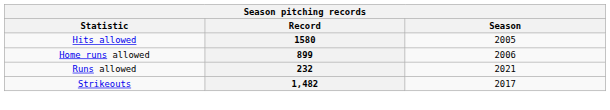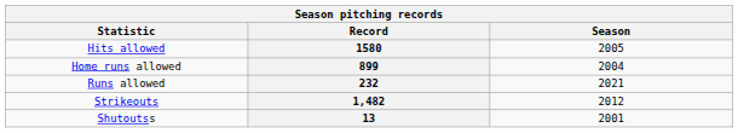 <table class="wikitable" style="text-align:center" width="70%">
 <tr>
 <th colspan=3>Season pitching records</th>
 </tr>
 <tr>
 <th scope="col" width=20%>Statistic</th>
 <th scope="col" class="unsortable" width=20%>Record</th>
 <th scope="col" width=20%>Season</th>
 </tr>
 <tr>
 <td><a href='#'>Hits allowed</a></td>
 <th scope="row">1580</th>
 <td>2005</td>
 </tr>
 <tr>
 <td><a href='#'>Home runs</a> allowed</td>
 <th scope="row">899</th>
-<td>2006</td>
+<td>2004</td>
 </tr>
 <tr>
 <td><a href='#'>Runs</a> allowed</td>
 <th scope="row">232</th>
 <td>2021</td>
 </tr>
 <tr>
 <td><a href='#'>Strikeouts</a></td>
 <th scope="row">1,482</th>
-<td>2017</td>
+<td>2012</td>
+</tr>
+<tr>
+<td><a href='#'>Shutouts</a>s</td>
+<th scope="row">13</th>
+<td>2001</td>
 </tr>
 </table>
